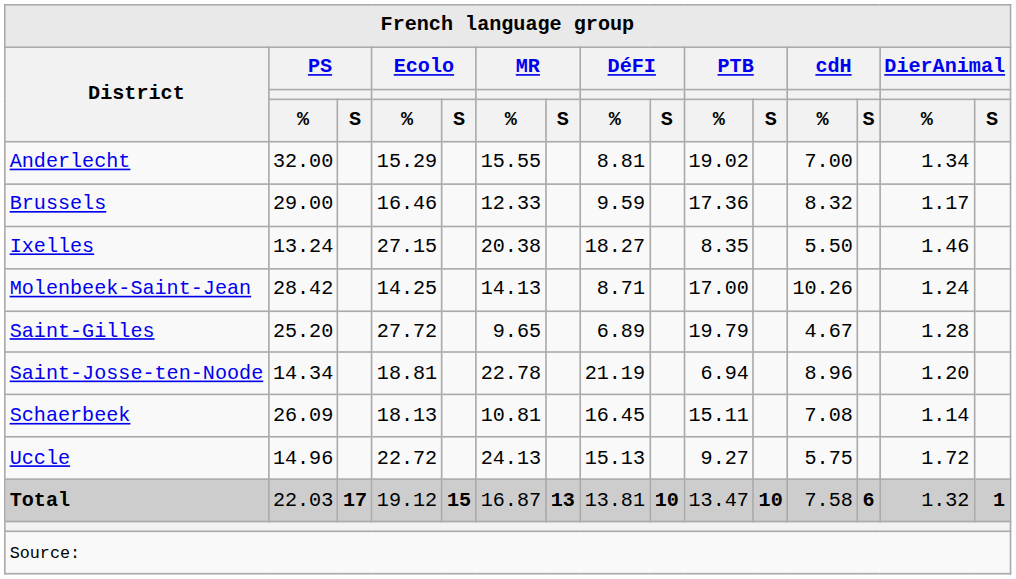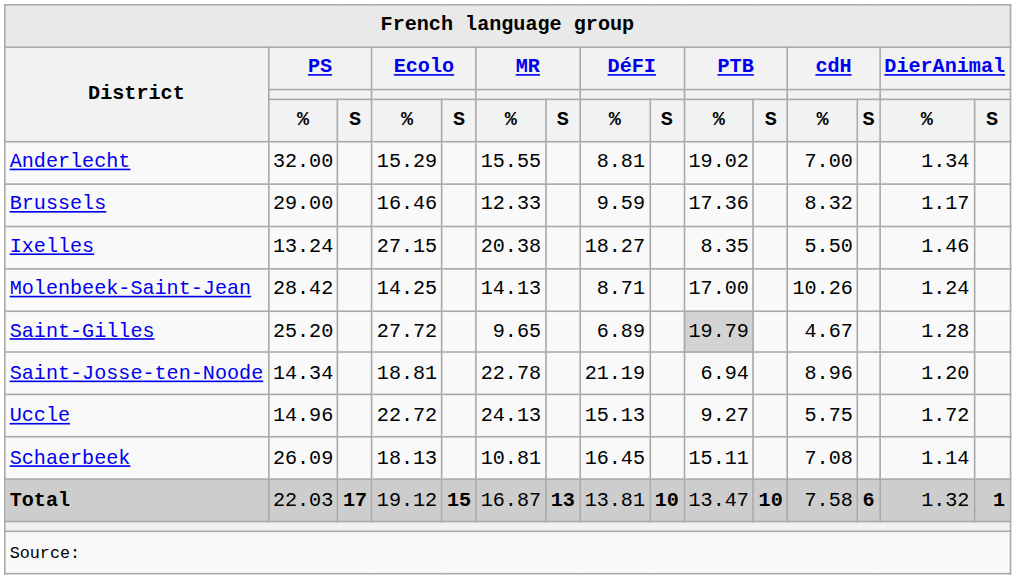 <table class="wikitable sortable" style="text-align:right; font-size:95%; line-height:20px;">
 <tr style="text-align:center;">
 <td colspan="15" style="background-color:#E9E9E9" align="centre" ;><strong>French language group</strong></td>
 </tr>
 <tr>
 <th rowspan="3">District</th>
 <th colspan="2" width="30px" class="unsortable"><a href='#'>PS</a></th>
 <th colspan="2" width="30px" class="unsortable"><a href='#'>Ecolo</a></th>
 <th colspan="2" width="30px" class="unsortable"><a href='#'>MR</a></th>
 <th colspan="2" width="30px" class="unsortable"><a href='#'>DéFI</a></th>
 <th colspan="2" width="30px" class="unsortable"><a href='#'>PTB</a></th>
 <th colspan="2" width="30px" class="unsortable"><a href='#'>cdH</a></th>
 <th colspan="2" width="30px" class="unsortable"><a href='#'>DierAnimal</a></th>
 </tr>
 <tr>
 <th colspan="2" style="background:"></th>
 <th colspan="2" style="background:"></th>
 <th colspan="2" style="background:"></th>
 <th colspan="2" style="background:"></th>
 <th colspan="2" style="background:"></th>
 <th colspan="2" style="background:"></th>
 <th colspan="2" style="background:"></th>
 </tr>
 <tr>
 <th data-sort-type="number">%</th>
 <th data-sort-type="number">S</th>
 <th data-sort-type="number">%</th>
 <th data-sort-type="number">S</th>
 <th data-sort-type="number">%</th>
 <th data-sort-type="number">S</th>
 <th data-sort-type="number">%</th>
 <th data-sort-type="number">S</th>
 <th data-sort-type="number">%</th>
 <th data-sort-type="number">S</th>
 <th data-sort-type="number">%</th>
 <th data-sort-type="number">S</th>
 <th data-sort-type="number">%</th>
 <th data-sort-type="number">S</th>
 </tr>
 <tr>
 <td align="left"><a href='#'>Anderlecht</a></td>
 <td style="background:">32.00</td>
 <td></td>
 <td>15.29</td>
 <td></td>
 <td>15.55</td>
 <td></td>
 <td>8.81</td>
 <td></td>
 <td>19.02</td>
 <td></td>
 <td>7.00</td>
 <td></td>
 <td>1.34</td>
 <td></td>
 </tr>
 <tr>
 <td align="left"><a href='#'>Brussels</a></td>
 <td style="background:">29.00</td>
 <td></td>
 <td>16.46</td>
 <td></td>
 <td>12.33</td>
 <td></td>
 <td>9.59</td>
 <td></td>
 <td>17.36</td>
 <td></td>
 <td>8.32</td>
 <td></td>
 <td>1.17</td>
 <td></td>
 </tr>
 <tr>
 <td align="left"><a href='#'>Ixelles</a></td>
 <td>13.24</td>
 <td></td>
 <td style="background:">27.15</td>
 <td></td>
 <td>20.38</td>
 <td></td>
 <td>18.27</td>
 <td></td>
 <td>8.35</td>
 <td></td>
 <td>5.50</td>
 <td></td>
 <td>1.46</td>
 <td></td>
 </tr>
 <tr>
 <td align="left"><a href='#'>Molenbeek-Saint-Jean</a></td>
 <td style="background:">28.42</td>
 <td></td>
 <td>14.25</td>
 <td></td>
 <td>14.13</td>
 <td></td>
 <td>8.71</td>
 <td></td>
 <td>17.00</td>
 <td></td>
 <td>10.26</td>
 <td></td>
 <td>1.24</td>
 <td></td>
 </tr>
 <tr>
 <td align="left"><a href='#'>Saint-Gilles</a></td>
 <td>25.20</td>
 <td></td>
 <td style="background:">27.72</td>
 <td></td>
 <td>9.65</td>
 <td></td>
 <td>6.89</td>
 <td></td>
-<td>19.79</td>
+<td style="background: lightgrey;">19.79</td>
 <td></td>
 <td>4.67</td>
 <td></td>
 <td>1.28</td>
 <td></td>
 </tr>
 <tr>
 <td align="left"><a href='#'>Saint-Josse-ten-Noode</a></td>
 <td>14.34</td>
 <td></td>
 <td>18.81</td>
 <td></td>
 <td style="background:">22.78</td>
 <td></td>
 <td>21.19</td>
 <td></td>
 <td>6.94</td>
 <td></td>
 <td>8.96</td>
 <td></td>
 <td>1.20</td>
 <td></td>
 </tr>
 <tr>
+<td align="left"><a href='#'>Uccle</a></td>
+<td>14.96</td>
+<td></td>
+<td>22.72</td>
+<td></td>
+<td style="background:">24.13</td>
+<td></td>
+<td>15.13</td>
+<td></td>
+<td>9.27</td>
+<td></td>
+<td>5.75</td>
+<td></td>
+<td>1.72</td>
+<td></td>
+</tr>
+<tr>
 <td align="left"><a href='#'>Schaerbeek</a></td>
 <td style="background:">26.09</td>
 <td></td>
 <td>18.13</td>
 <td></td>
 <td>10.81</td>
 <td></td>
 <td>16.45</td>
 <td></td>
 <td>15.11</td>
 <td></td>
 <td>7.08</td>
 <td></td>
 <td>1.14</td>
-<td></td>
-</tr>
-<tr>
-<td align="left"><a href='#'>Uccle</a></td>
-<td>14.96</td>
-<td></td>
-<td>22.72</td>
-<td></td>
-<td style="background:">24.13</td>
-<td></td>
-<td>15.13</td>
-<td></td>
-<td>9.27</td>
-<td></td>
-<td>5.75</td>
-<td></td>
-<td>1.72</td>
 <td></td>
 </tr>
 <tr style="background:#CDCDCD;">
 <td align="left"><strong>Total</strong></td>
 <td style="background:">22.03</td>
 <td><strong>17</strong></td>
 <td>19.12</td>
 <td><strong>15</strong></td>
 <td>16.87</td>
 <td><strong>13</strong></td>
 <td>13.81</td>
 <td><strong>10</strong></td>
 <td>13.47</td>
 <td><strong>10</strong></td>
 <td>7.58</td>
 <td><strong>6</strong></td>
 <td>1.32</td>
 <td><strong>1</strong></td>
 </tr>
 <tr>
 <th colspan="15"></th>
 </tr>
 <tr>
 <th colspan="15" style="text-align:left; font-weight:normal; background:#F9F9F9"><small>Source: </small></th>
 </tr>
 </table>
